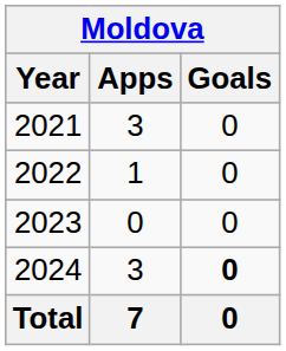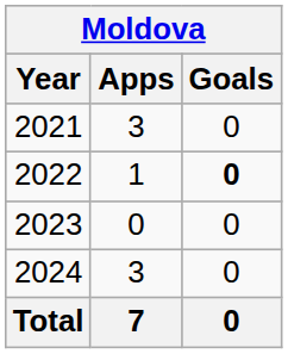 <table class="wikitable" style="text-align:center">
 <tr>
 <th colspan=3><a href='#'>Moldova</a></th>
 </tr>
 <tr>
 <th>Year</th>
 <th>Apps</th>
 <th>Goals</th>
 </tr>
 <tr>
 <td>2021</td>
 <td>3</td>
 <td>0</td>
 </tr>
 <tr>
 <td>2022</td>
 <td>1</td>
-<td>0</td>
+<td><strong>0</strong></td>
 </tr>
 <tr>
 <td>2023</td>
 <td>0</td>
 <td>0</td>
 </tr>
 <tr>
 <td>2024</td>
 <td>3</td>
-<td><strong>0</strong></td>
+<td>0</td>
 </tr>
 <tr>
 <th>Total</th>
 <th>7</th>
 <th>0</th>
 </tr>
 </table>
